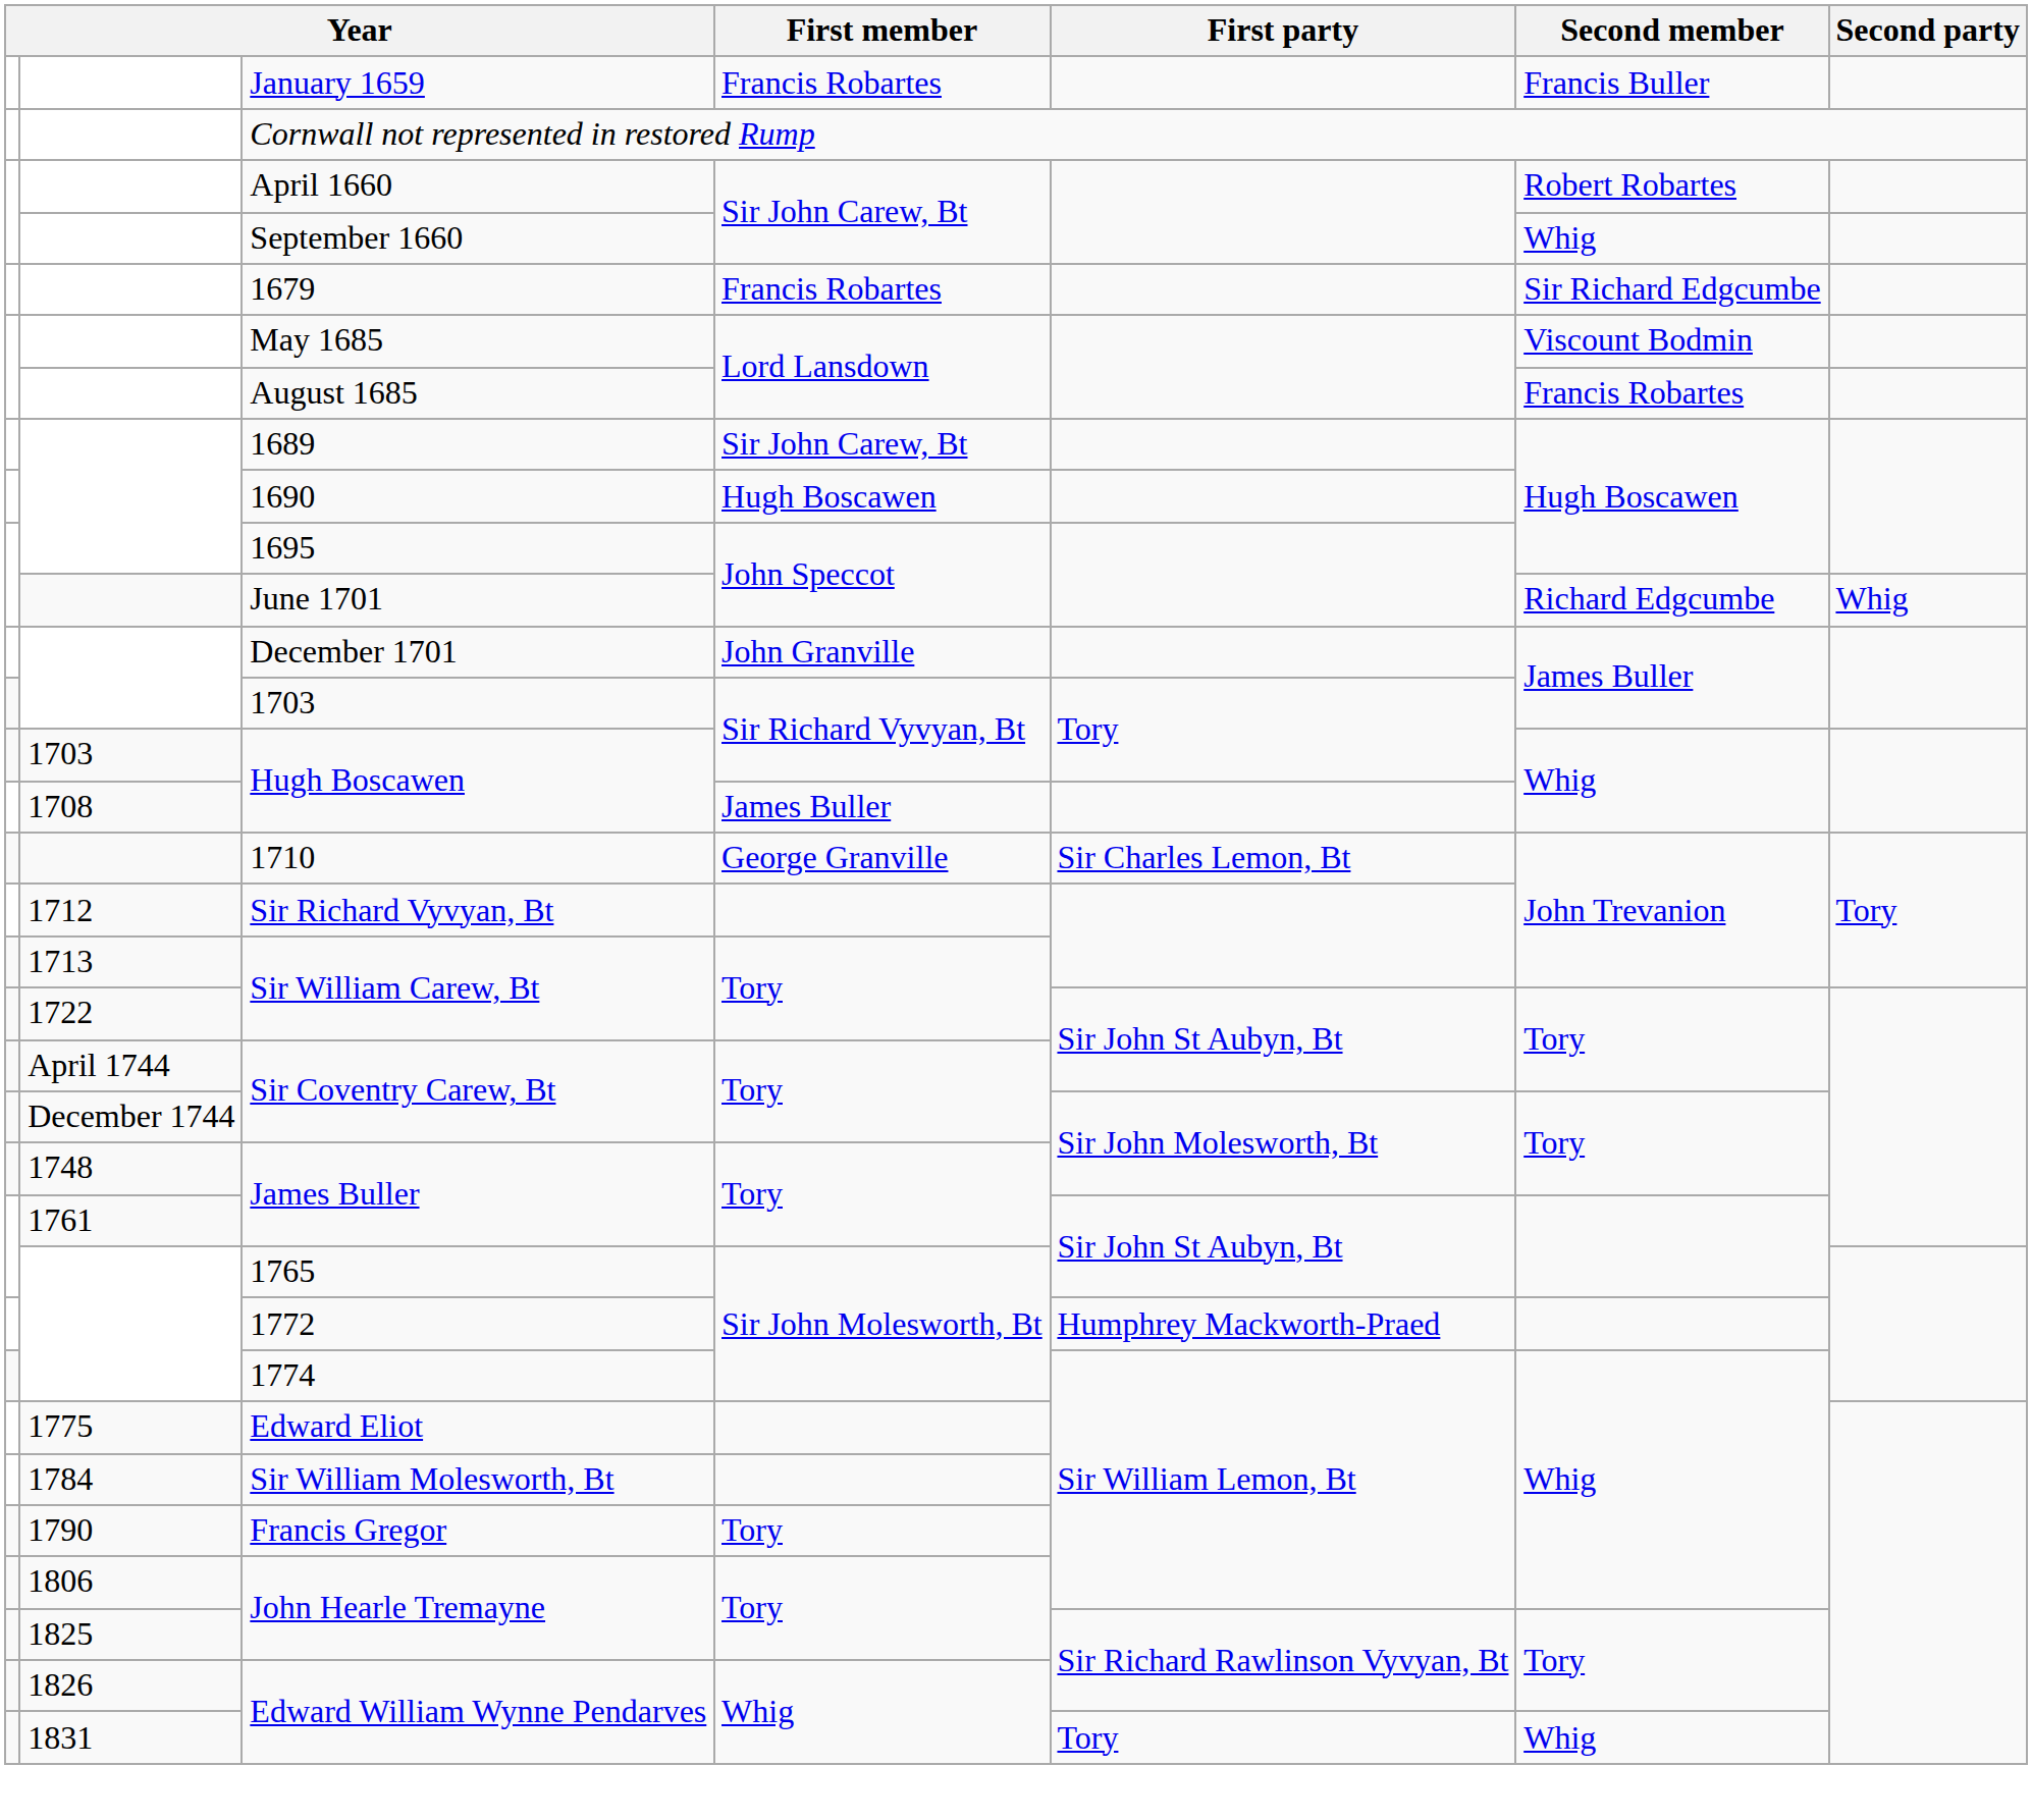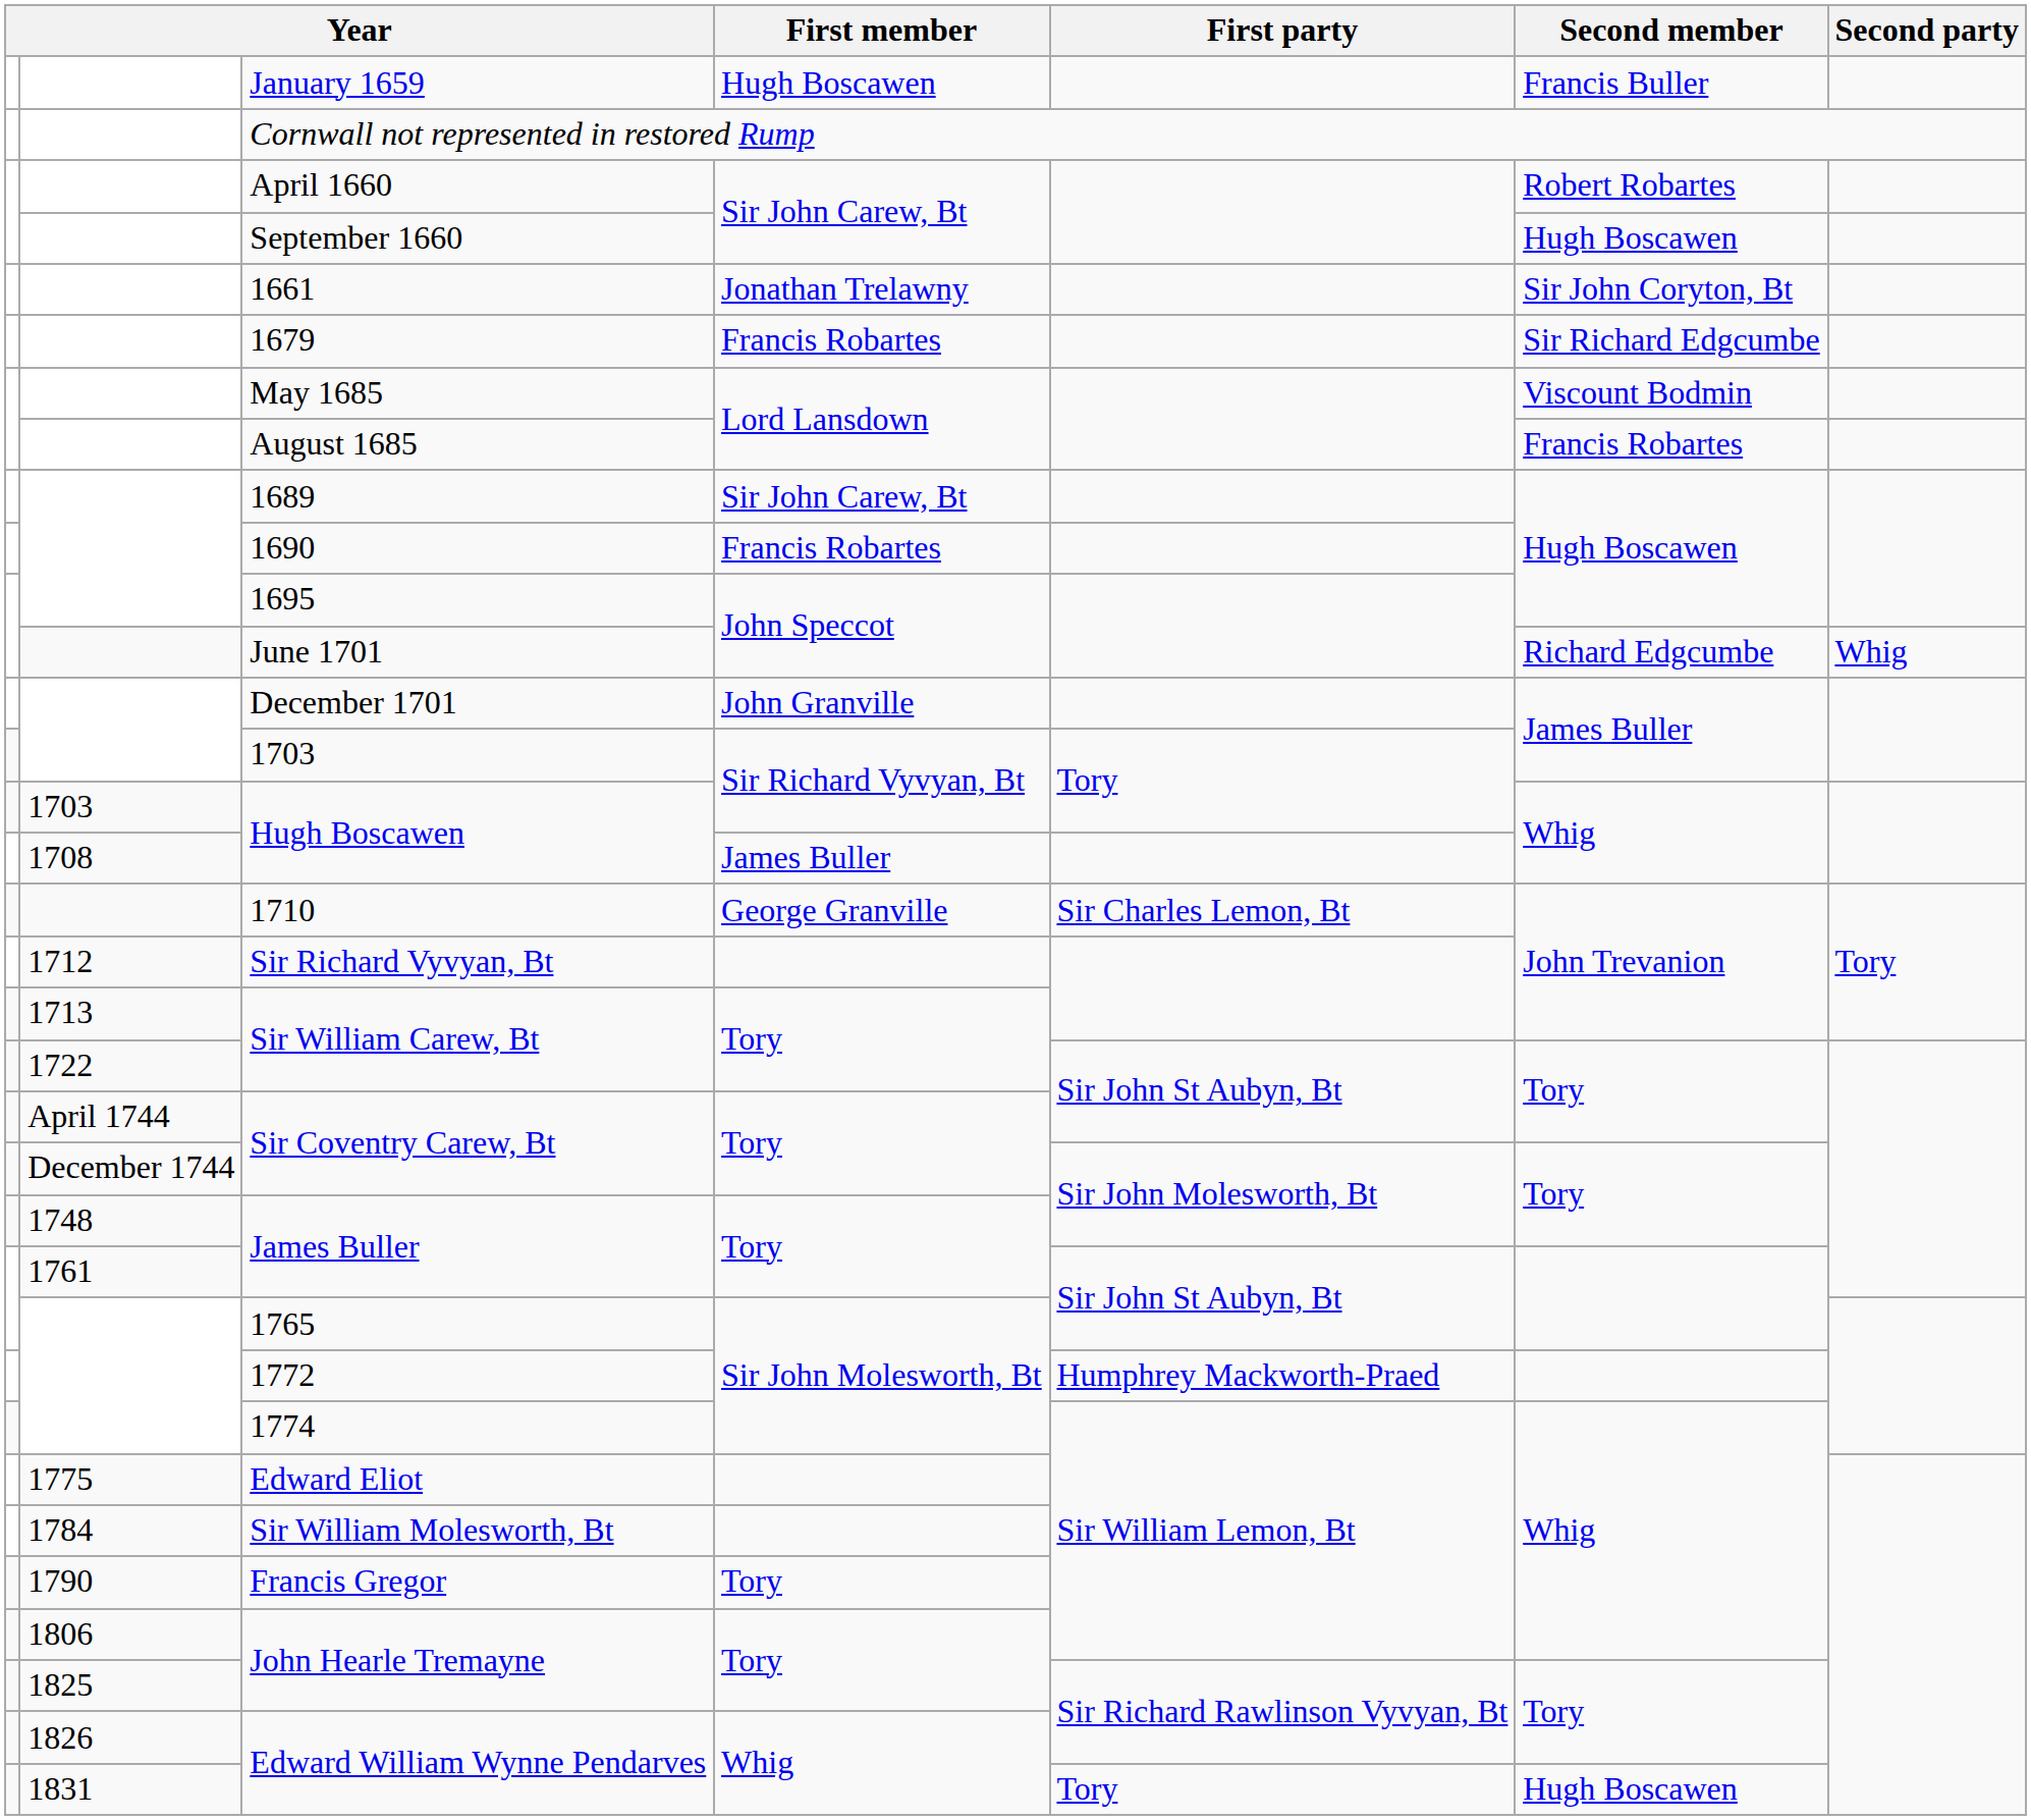 <table class="wikitable">
 <tr>
 <th colspan="3">Year</th>
 <th>First member</th>
 <th>First party</th>
 <th>Second member</th>
 <th>Second party</th>
 </tr>
 <tr>
 <td style="color:inherit;background-color: white"></td>
 <td style="color:inherit;background-color: white"></td>
 <td><a href='#'>January 1659</a></td>
-<td><a href='#'>Francis Robartes</a></td>
+<td><a href='#'>Hugh Boscawen</a></td>
 <td></td>
 <td><a href='#'>Francis Buller</a></td>
 <td></td>
 </tr>
 <tr>
 <td style="color:inherit;background-color: white"></td>
 <td style="color:inherit;background-color: white"></td>
 <td colspan="5" justify="centre"><em>Cornwall not represented in restored <a href='#'>Rump</a></em></td>
 </tr>
 <tr>
 <td style="color:inherit;background-color: white" rowspan="2"></td>
 <td style="color:inherit;background-color: white"></td>
 <td>April 1660</td>
 <td rowspan="2"><a href='#'>Sir John Carew, Bt</a></td>
 <td rowspan="2"></td>
 <td><a href='#'>Robert Robartes</a></td>
 <td></td>
 </tr>
 <tr>
 <td style="color:inherit;background-color: white"></td>
 <td>September 1660</td>
-<td><a href='#'>Whig</a></td>
+<td><a href='#'>Hugh Boscawen</a></td>
+<td></td>
+</tr>
+<tr>
+<td style="color:inherit;background-color: white"></td>
+<td style="color:inherit;background-color: white"></td>
+<td>1661</td>
+<td><a href='#'>Jonathan Trelawny</a></td>
+<td></td>
+<td><a href='#'>Sir John Coryton, Bt</a></td>
 <td></td>
 </tr>
 <tr>
 <td style="color:inherit;background-color: white"></td>
 <td style="color:inherit;background-color: white"></td>
 <td>1679</td>
 <td><a href='#'>Francis Robartes</a></td>
 <td></td>
 <td><a href='#'>Sir Richard Edgcumbe</a></td>
 <td></td>
 </tr>
 <tr>
 <td style="color:inherit;background-color: white" rowspan="2"></td>
 <td style="color:inherit;background-color: white"></td>
 <td>May 1685</td>
 <td rowspan="2"><a href='#'>Lord Lansdown</a></td>
 <td rowspan="2"></td>
 <td><a href='#'>Viscount Bodmin</a></td>
 <td></td>
 </tr>
 <tr>
 <td style="color:inherit;background-color: white"></td>
 <td>August 1685</td>
 <td><a href='#'>Francis Robartes</a></td>
 <td></td>
 </tr>
 <tr>
 <td style="color:inherit;background-color: white"></td>
 <td style="color:inherit;background-color: white"  rowspan="3"></td>
 <td>1689</td>
 <td><a href='#'>Sir John Carew, Bt</a></td>
 <td></td>
 <td rowspan="3"><a href='#'>Hugh Boscawen</a></td>
 <td rowspan="3"></td>
 </tr>
 <tr>
 <td style="color:inherit;background-color: white"></td>
 <td>1690</td>
-<td><a href='#'>Hugh Boscawen</a></td>
+<td><a href='#'>Francis Robartes</a></td>
 <td></td>
 </tr>
 <tr>
 <td style="color:inherit;background-color: white" rowspan="2"></td>
 <td>1695</td>
 <td rowspan="2"><a href='#'>John Speccot</a></td>
 <td rowspan="2"></td>
 </tr>
 <tr>
 <td style="color:inherit;background-color: "></td>
 <td>June 1701</td>
 <td><a href='#'>Richard Edgcumbe</a></td>
 <td><a href='#'>Whig</a></td>
 </tr>
 <tr>
 <td style="color:inherit;background-color: white"></td>
 <td style="color:inherit;background-color: white"  rowspan="2"></td>
 <td>December 1701</td>
 <td><a href='#'>John Granville</a></td>
 <td></td>
 <td rowspan="2"><a href='#'>James Buller</a></td>
 <td rowspan="2"></td>
 </tr>
 <tr>
 <td style="color:inherit;background-color: "></td>
 <td>1703</td>
 <td rowspan="2"><a href='#'>Sir Richard Vyvyan, Bt</a></td>
 <td rowspan="2"><a href='#'>Tory</a></td>
 </tr>
 <tr>
 <td style="color:inherit;background-color: "></td>
 <td>1703</td>
 <td rowspan="2"><a href='#'>Hugh Boscawen</a></td>
 <td rowspan="2"><a href='#'>Whig</a></td>
 </tr>
 <tr>
 <td style="color:inherit;background-color: white"></td>
 <td>1708</td>
 <td><a href='#'>James Buller</a></td>
 <td></td>
 </tr>
 <tr>
 <td style="color:inherit;background-color: "></td>
 <td style="color:inherit;background-color: "></td>
 <td>1710</td>
 <td><a href='#'>George Granville</a></td>
 <td><a href='#'>Sir Charles Lemon, Bt</a></td>
 <td rowspan="3"><a href='#'>John Trevanion</a></td>
 <td rowspan="3"><a href='#'>Tory</a></td>
 </tr>
 <tr>
 <td style="color:inherit;background-color: white"></td>
 <td>1712</td>
 <td><a href='#'>Sir Richard Vyvyan, Bt</a></td>
 <td></td>
 </tr>
 <tr>
 <td style="color:inherit;background-color: "></td>
 <td>1713</td>
 <td rowspan="2"><a href='#'>Sir William Carew, Bt</a></td>
 <td rowspan="2"><a href='#'>Tory</a></td>
 </tr>
 <tr>
 <td style="color:inherit;background-color: "></td>
 <td>1722</td>
 <td rowspan="2"><a href='#'>Sir John St Aubyn, Bt</a></td>
 <td rowspan="2"><a href='#'>Tory</a></td>
 </tr>
 <tr>
 <td style="color:inherit;background-color: "></td>
 <td>April 1744</td>
 <td rowspan="2"><a href='#'>Sir Coventry Carew, Bt</a></td>
 <td rowspan="2"><a href='#'>Tory</a></td>
 </tr>
 <tr>
 <td style="color:inherit;background-color: "></td>
 <td>December 1744</td>
 <td rowspan="2"><a href='#'>Sir John Molesworth, Bt</a></td>
 <td rowspan="2"><a href='#'>Tory</a></td>
 </tr>
 <tr>
 <td style="color:inherit;background-color: "></td>
 <td>1748</td>
 <td rowspan="2"><a href='#'>James Buller</a></td>
 <td rowspan="2"><a href='#'>Tory</a></td>
 </tr>
 <tr>
 <td style="color:inherit;background-color: white" rowspan="2"></td>
 <td>1761</td>
 <td rowspan="2"><a href='#'>Sir John St Aubyn, Bt</a></td>
 <td rowspan="2"></td>
 </tr>
 <tr>
 <td style="color:inherit;background-color: white" rowspan="3"></td>
 <td>1765</td>
 <td rowspan="3"><a href='#'>Sir John Molesworth, Bt</a></td>
 <td rowspan="3"></td>
 </tr>
 <tr>
 <td style="color:inherit;background-color: white"></td>
 <td>1772</td>
 <td><a href='#'>Humphrey Mackworth-Praed</a></td>
 <td></td>
 </tr>
 <tr>
 <td style="color:inherit;background-color: "></td>
 <td>1774</td>
 <td rowspan="5"><a href='#'>Sir William Lemon, Bt</a></td>
 <td rowspan="5"><a href='#'>Whig</a></td>
 </tr>
 <tr>
 <td style="color:inherit;background-color: white"></td>
 <td>1775</td>
 <td><a href='#'>Edward Eliot</a></td>
 <td></td>
 </tr>
 <tr>
 <td style="color:inherit;background-color: white"></td>
 <td>1784</td>
 <td><a href='#'>Sir William Molesworth, Bt</a></td>
 <td></td>
 </tr>
 <tr>
 <td style="color:inherit;background-color: "></td>
 <td>1790</td>
 <td><a href='#'>Francis Gregor</a></td>
 <td><a href='#'>Tory</a></td>
 </tr>
 <tr>
 <td style="color:inherit;background-color: "></td>
 <td>1806</td>
 <td rowspan="2"><a href='#'>John Hearle Tremayne</a></td>
 <td rowspan="2"><a href='#'>Tory</a></td>
 </tr>
 <tr>
 <td style="color:inherit;background-color: "></td>
 <td>1825</td>
 <td rowspan="2"><a href='#'>Sir Richard Rawlinson Vyvyan, Bt</a></td>
 <td rowspan="2"><a href='#'>Tory</a></td>
 </tr>
 <tr>
 <td style="color:inherit;background-color: "></td>
 <td>1826</td>
 <td rowspan="2"><a href='#'>Edward William Wynne Pendarves</a></td>
 <td rowspan="2"><a href='#'>Whig</a></td>
 </tr>
 <tr>
 <td style="color:inherit;background-color: "></td>
 <td>1831</td>
 <td><a href='#'>Tory</a></td>
-<td><a href='#'>Whig</a></td>
+<td><a href='#'>Hugh Boscawen</a></td>
 </tr>
 </table>
